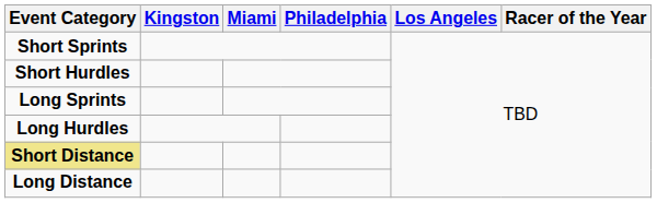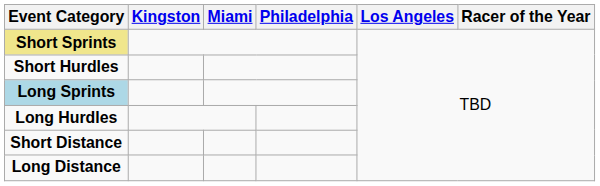 <table class="wikitable" style="text-align:center;">
 <tr>
 <th scope="col">Event Category</th>
 <th scope="col"><a href='#'>Kingston</a></th>
 <th scope="col"><a href='#'>Miami</a></th>
 <th scope="col"><a href='#'>Philadelphia</a></th>
 <th scope="col"><a href='#'>Los Angeles</a></th>
 <th>Racer of the Year</th>
 </tr>
 <tr>
-<td><strong>Short Sprints</strong></td>
+<td style="background: khaki;"><strong>Short Sprints</strong></td>
 <td colspan="3"> </td>
 <td colspan="2" rowspan="6">TBD</td>
 </tr>
 <tr>
 <td><strong>Short Hurdles</strong></td>
 <td> </td>
 <td colspan="2"> </td>
 </tr>
 <tr>
-<td><strong>Long Sprints</strong></td>
+<td style="background: lightblue;"><strong>Long Sprints</strong></td>
 <td> </td>
 <td colspan="2"> </td>
 </tr>
 <tr>
 <td><strong>Long Hurdles</strong></td>
 <td colspan="2"> </td>
 <td> </td>
 </tr>
 <tr>
-<td style="background: khaki;"><strong>Short Distance</strong></td>
+<td><strong>Short Distance</strong></td>
 <td> </td>
 <td> </td>
 <td> </td>
 </tr>
 <tr>
 <td><strong>Long Distance</strong></td>
 <td> </td>
 <td> </td>
 <td> </td>
 </tr>
 </table>
